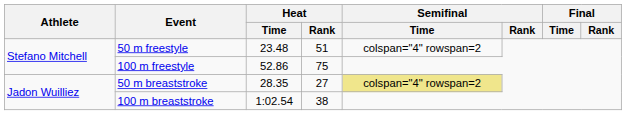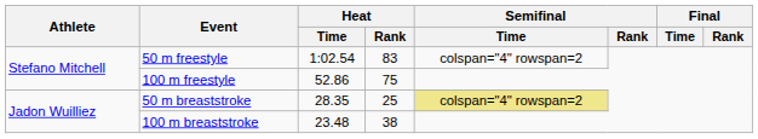 <table class="wikitable" style="text-align:center; font-size:90%; width:50%;">
 <tr>
 <th rowspan="2">Athlete</th>
 <th rowspan="2">Event</th>
 <th colspan="2">Heat</th>
 <th colspan="2">Semifinal</th>
 <th colspan="2">Final</th>
 </tr>
 <tr style="font-size:95%">
 <th>Time</th>
 <th>Rank</th>
 <th>Time</th>
 <th>Rank</th>
 <th>Time</th>
 <th>Rank</th>
 </tr>
 <tr>
 <td align=left rowspan=2><a href='#'>Stefano Mitchell</a></td>
 <td align=left><a href='#'>50 m freestyle</a></td>
-<td>23.48</td>
-<td>51</td>
+<td>1:02.54</td>
+<td>83</td>
 <td>colspan="4" rowspan=2</td>
 </tr>
 <tr>
 <td align=left><a href='#'>100 m freestyle</a></td>
 <td>52.86</td>
 <td>75</td>
 </tr>
 <tr>
 <td align=left rowspan=2><a href='#'>Jadon Wuilliez</a></td>
 <td align=left><a href='#'>50 m breaststroke</a></td>
 <td>28.35</td>
-<td>27</td>
+<td>25</td>
 <td style="background: khaki;">colspan="4" rowspan=2</td>
 </tr>
 <tr>
 <td align=left><a href='#'>100 m breaststroke</a></td>
-<td>1:02.54</td>
+<td>23.48</td>
 <td>38</td>
 </tr>
 </table>
